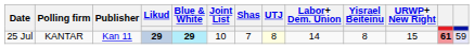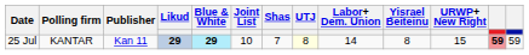 <table class="wikitable sortable" style="text-align:center;font-size:90%;line-height:13px">
 <tr>
 <th rowspan="2">Date</th>
 <th rowspan="2">Polling firm</th>
 <th rowspan="2">Publisher</th>
 <th><a href='#'>Likud</a></th>
 <th><a href='#'>Blue &<br>White</a></th>
 <th><a href='#'>Joint<br>List</a></th>
 <th><a href='#'>Shas</a></th>
 <th><a href='#'>UTJ</a></th>
 <th><a href='#'>Labor</a>+<br><a href='#'>Dem. Union</a></th>
 <th><a href='#'>Yisrael<br>Beiteinu</a></th>
 <th><a href='#'>URWP</a>+<br><a href='#'>New Right</a></th>
 <th></th>
 <th></th>
 </tr>
 <tr>
 <th style="background:"></th>
 <th style="background:"></th>
 <th style="background:"></th>
 <th style="background:"></th>
 <th style="background:"></th>
 <th style="background:"></th>
 <th style="background:"></th>
 <th style="background:"></th>
 <th style="background:#E81B23;"></th>
 <th style="background:#000EA3;"></th>
 </tr>
 <tr>
 <td data-sort-value="2019-07-25">25 Jul</td>
 <td>KANTAR</td>
 <td><a href='#'>Kan 11</a></td>
 <td style="background:#BBCDE4"><strong>29</strong>	</td>
 <td style="background:#B2EDFB"><strong>29</strong>	</td>
 <td>10					</td>
 <td>7					</td>
 <td style="background: lightyellow;">8					</td>
 <td>14					</td>
 <td>8					</td>
 <td>15					</td>
-<td style="background:#F4959A"><strong>61</strong>	</td>
-<td style="background: lavender;">59					</td>
+<td style="background:#F4959A"><strong>59</strong>	</td>
+<td>59					</td>
 </tr>
 </table>
